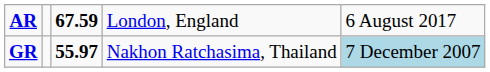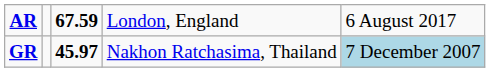 <table class="wikitable" style="font-size:95%; position:relative;">
 <tr>
 <td align=center><strong><a href='#'>AR</a></strong></td>
 <td></td>
 <td><strong>67.59</strong></td>
 <td><a href='#'>London</a>, England</td>
 <td>6 August 2017</td>
 </tr>
 <tr>
 <td align=center><strong><a href='#'>GR</a></strong></td>
 <td></td>
-<td><strong>55.97</strong></td>
+<td><strong>45.97</strong></td>
 <td><a href='#'>Nakhon Ratchasima</a>, Thailand</td>
 <td style="background: lightblue;">7 December 2007</td>
 </tr>
 </table>
